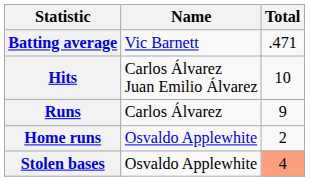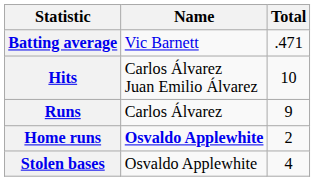 <table class="wikitable plainrowheaders">
 <tr>
 <th scope="col">Statistic</th>
 <th scope="col">Name</th>
 <th scope="col">Total</th>
 </tr>
 <tr>
 <th scope="row"><a href='#'>Batting average</a></th>
 <td> <a href='#'>Vic Barnett</a></td>
 <td align=center>.471</td>
 </tr>
 <tr>
 <th scope="row"><a href='#'>Hits</a></th>
 <td> Carlos Álvarez<br> Juan Emilio Álvarez</td>
 <td align=center>10</td>
 </tr>
 <tr>
 <th scope="row"><a href='#'>Runs</a></th>
 <td> Carlos Álvarez</td>
 <td align=center>9</td>
 </tr>
 <tr>
 <th scope="row"><a href='#'>Home runs</a></th>
-<td> <a href='#'>Osvaldo Applewhite</a></td>
+<td><strong> <a href='#'>Osvaldo Applewhite</a></strong></td>
 <td align=center>2</td>
 </tr>
 <tr>
 <th scope="row" rowspan=2><a href='#'>Stolen bases</a></th>
 <td> Osvaldo Applewhite</td>
-<td align=center style="background: lightsalmon;">4</td>
+<td align=center>4</td>
 </tr>
 </table>
